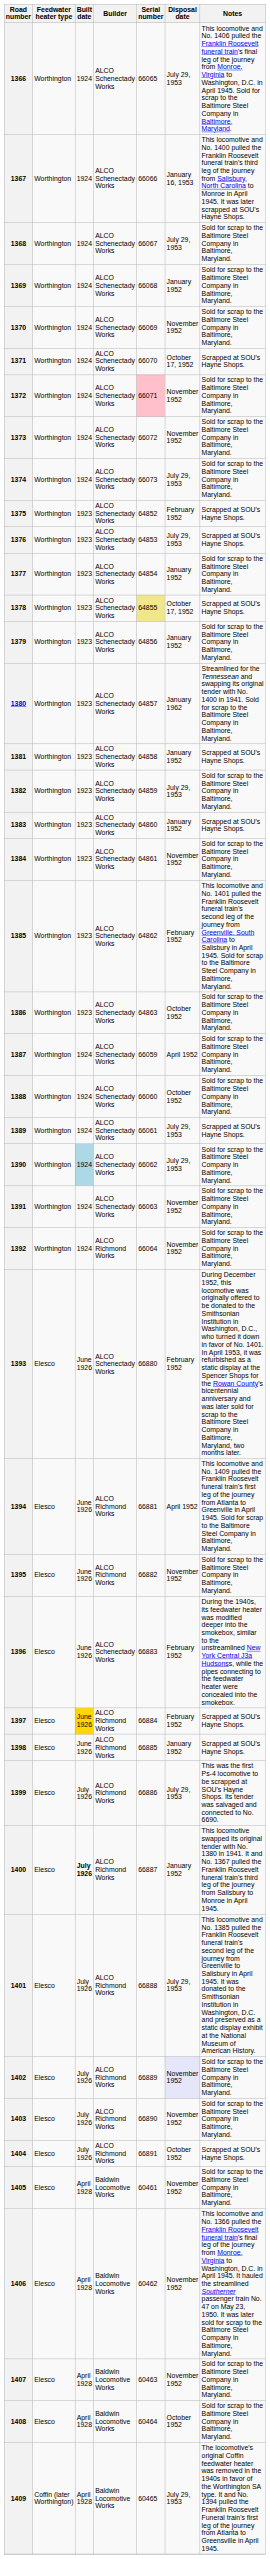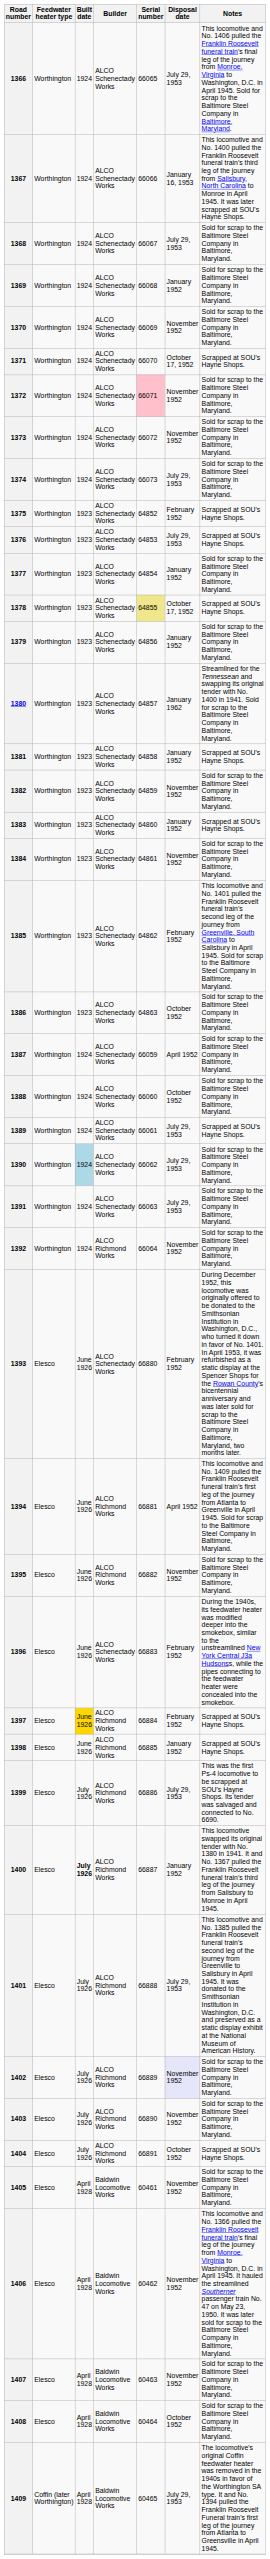 <table class="wikitable sortable">
 <tr>
 <th scope="col">Road number</th>
 <th scope="col">Feedwater heater type</th>
 <th scope="col">Built date</th>
 <th scope="col">Builder</th>
 <th scope="col">Serial number</th>
 <th scope="col">Disposal date</th>
 <th scope="col" style="width:25%;">Notes</th>
 </tr>
 <tr>
 <th scope="row">1366</th>
 <td>Worthington</td>
 <td>1924</td>
 <td>ALCO Schenectady Works</td>
 <td>66065</td>
 <td>July 29, 1953</td>
 <td>This locomotive and No. 1406 pulled the <a href='#'>Franklin Roosevelt</a> <a href='#'>funeral train</a>'s final leg of the journey from <a href='#'>Monroe, Virginia</a> to Washington, D.C. in April 1945. Sold for scrap to the Baltimore Steel Company in <a href='#'>Baltimore, Maryland</a>.</td>
 </tr>
 <tr>
 <th scope="row">1367</th>
 <td>Worthington</td>
 <td>1924</td>
 <td>ALCO Schenectady Works</td>
 <td>66066</td>
 <td>January 16, 1953</td>
 <td>This locomotive and No. 1400 pulled the Franklin Roosevelt funeral train's third leg of the journey from <a href='#'>Salisbury, North Carolina</a> to Monroe in April 1945. It was later scrapped at SOU's Hayne Shops.</td>
 </tr>
 <tr>
 <th scope="row">1368</th>
 <td>Worthington</td>
 <td>1924</td>
 <td>ALCO Schenectady Works</td>
 <td>66067</td>
 <td>July 29, 1953</td>
 <td>Sold for scrap to the Baltimore Steel Company in Baltimore, Maryland.</td>
 </tr>
 <tr>
 <th scope="row">1369</th>
 <td>Worthington</td>
 <td>1924</td>
 <td>ALCO Schenectady Works</td>
 <td>66068</td>
 <td>January 1952</td>
 <td>Sold for scrap to the Baltimore Steel Company in Baltimore, Maryland.</td>
 </tr>
 <tr>
 <th scope="row">1370</th>
 <td>Worthington</td>
 <td>1924</td>
 <td>ALCO Schenectady Works</td>
 <td>66069</td>
 <td>November 1952</td>
 <td>Sold for scrap to the Baltimore Steel Company in Baltimore, Maryland.</td>
 </tr>
 <tr>
 <th scope="row">1371</th>
 <td>Worthington</td>
 <td>1924</td>
 <td>ALCO Schenectady Works</td>
 <td>66070</td>
 <td>October 17, 1952</td>
 <td>Scrapped at SOU's Hayne Shops.</td>
 </tr>
 <tr>
 <th scope="row">1372</th>
 <td>Worthington</td>
 <td>1924</td>
 <td>ALCO Schenectady Works</td>
 <td style="background: pink;">66071</td>
 <td>November 1952</td>
 <td>Sold for scrap to the Baltimore Steel Company in Baltimore, Maryland.</td>
 </tr>
 <tr>
 <th scope="row">1373</th>
 <td>Worthington</td>
 <td>1924</td>
 <td>ALCO Schenectady Works</td>
 <td>66072</td>
 <td>November 1952</td>
 <td>Sold for scrap to the Baltimore Steel Company in Baltimore, Maryland.</td>
 </tr>
 <tr>
 <th scope="row">1374</th>
 <td>Worthington</td>
 <td>1924</td>
 <td>ALCO Schenectady Works</td>
 <td>66073</td>
 <td>July 29, 1953</td>
 <td>Sold for scrap to the Baltimore Steel Company in Baltimore, Maryland.</td>
 </tr>
 <tr>
 <th scope="row">1375</th>
 <td>Worthington</td>
 <td>1923</td>
 <td>ALCO Schenectady Works</td>
 <td>64852</td>
 <td>February 1952</td>
 <td>Scrapped at SOU's Hayne Shops.</td>
 </tr>
 <tr>
 <th scope="row">1376</th>
 <td>Worthington</td>
 <td>1923</td>
 <td>ALCO Schenectady Works</td>
 <td>64853</td>
 <td>July 29, 1953</td>
 <td>Scrapped at SOU's Hayne Shops.</td>
 </tr>
 <tr>
 <th scope="row">1377</th>
 <td>Worthington</td>
 <td>1923</td>
 <td>ALCO Schenectady Works</td>
 <td>64854</td>
 <td>January 1952</td>
 <td>Sold for scrap to the Baltimore Steel Company in Baltimore, Maryland.</td>
 </tr>
 <tr>
 <th scope="row">1378</th>
 <td>Worthington</td>
 <td>1923</td>
 <td>ALCO Schenectady Works</td>
 <td style="background: khaki;">64855</td>
 <td>October 17, 1952</td>
 <td>Scrapped at SOU's Hayne Shops.</td>
 </tr>
 <tr>
 <th scope="row">1379</th>
 <td>Worthington</td>
 <td>1923</td>
 <td>ALCO Schenectady Works</td>
 <td>64856</td>
 <td>January 1952</td>
 <td>Sold for scrap to the Baltimore Steel Company in Baltimore, Maryland.</td>
 </tr>
 <tr>
 <th scope="row"><a href='#'>1380</a></th>
 <td>Worthington</td>
 <td>1923</td>
 <td>ALCO Schenectady Works</td>
 <td>64857</td>
 <td>January 1962</td>
 <td>Streamlined for the <em>Tennessean</em> and swapping its original tender with No. 1400 in 1941. Sold for scrap to the Baltimore Steel Company in Baltimore, Maryland.</td>
 </tr>
 <tr>
 <th scope="row">1381</th>
 <td>Worthington</td>
 <td>1923</td>
 <td>ALCO Schenectady Works</td>
 <td>64858</td>
 <td>January 1952</td>
 <td>Scrapped at SOU's Hayne Shops.</td>
 </tr>
 <tr>
 <th scope="row">1382</th>
 <td>Worthington</td>
 <td>1923</td>
 <td>ALCO Schenectady Works</td>
 <td>64859</td>
-<td>July 29, 1953</td>
+<td>November 1952</td>
 <td>Sold for scrap to the Baltimore Steel Company in Baltimore, Maryland.</td>
 </tr>
 <tr>
 <th scope="row">1383</th>
 <td>Worthington</td>
 <td>1923</td>
 <td>ALCO Schenectady Works</td>
 <td>64860</td>
 <td>January 1952</td>
 <td>Scrapped at SOU's Hayne Shops.</td>
 </tr>
 <tr>
 <th scope="row">1384</th>
 <td>Worthington</td>
 <td>1923</td>
 <td>ALCO Schenectady Works</td>
 <td>64861</td>
 <td>November 1952</td>
 <td>Sold for scrap to the Baltimore Steel Company in Baltimore, Maryland.</td>
 </tr>
 <tr>
 <th scope="row">1385</th>
 <td>Worthington</td>
 <td>1923</td>
 <td>ALCO Schenectady Works</td>
 <td>64862</td>
 <td>February 1952</td>
 <td>This locomotive and No. 1401 pulled the Franklin Roosevelt funeral train's second leg of the journey from <a href='#'>Greenville, South Carolina</a> to Salisbury in April 1945. Sold for scrap to the Baltimore Steel Company in Baltimore, Maryland.</td>
 </tr>
 <tr>
 <th scope="row">1386</th>
 <td>Worthington</td>
 <td>1923</td>
 <td>ALCO Schenectady Works</td>
 <td>64863</td>
 <td>October 1952</td>
 <td>Sold for scrap to the Baltimore Steel Company in Baltimore, Maryland.</td>
 </tr>
 <tr>
 <th scope="row">1387</th>
 <td>Worthington</td>
 <td>1924</td>
 <td>ALCO Schenectady Works</td>
 <td>66059</td>
 <td>April 1952</td>
 <td>Sold for scrap to the Baltimore Steel Company in Baltimore, Maryland.</td>
 </tr>
 <tr>
 <th scope="row">1388</th>
 <td>Worthington</td>
 <td>1924</td>
 <td>ALCO Schenectady Works</td>
 <td>66060</td>
 <td>October 1952</td>
 <td>Sold for scrap to the Baltimore Steel Company in Baltimore, Maryland.</td>
 </tr>
 <tr>
 <th scope="row">1389</th>
 <td>Worthington</td>
 <td>1924</td>
 <td>ALCO Schenectady Works</td>
 <td>66061</td>
 <td>July 29, 1953</td>
 <td>Scrapped at SOU's Hayne Shops.</td>
 </tr>
 <tr>
 <th scope="row">1390</th>
 <td>Worthington</td>
 <td style="background: lightblue;">1924</td>
 <td>ALCO Schenectady Works</td>
 <td>66062</td>
 <td>July 29, 1953</td>
 <td>Sold for scrap to the Baltimore Steel Company in Baltimore, Maryland.</td>
 </tr>
 <tr>
 <th scope="row">1391</th>
 <td>Worthington</td>
 <td>1924</td>
 <td>ALCO Schenectady Works</td>
 <td>66063</td>
-<td>November 1952</td>
+<td>July 29, 1953</td>
 <td>Sold for scrap to the Baltimore Steel Company in Baltimore, Maryland.</td>
 </tr>
 <tr>
 <th scope="row">1392</th>
 <td>Worthington</td>
 <td>1924</td>
 <td>ALCO Richmond Works</td>
 <td>66064</td>
 <td>November 1952</td>
 <td>Sold for scrap to the Baltimore Steel Company in Baltimore, Maryland.</td>
 </tr>
 <tr>
 <th scope="row">1393</th>
 <td>Elesco</td>
 <td>June 1926</td>
 <td>ALCO Schenectady Works</td>
 <td>66880</td>
 <td>February 1952</td>
 <td>During December 1952, this locomotive was originally offered to be donated to the Smithsonian Institution in Washington, D.C., who turned it down in favor of No. 1401. In April 1953, it was refurbished as a static display at the Spencer Shops for the <a href='#'>Rowan County</a>'s bicentennial anniversary and was later sold for scrap to the Baltimore Steel Company in Baltimore, Maryland, two months later.</td>
 </tr>
 <tr>
 <th scope="row">1394</th>
 <td>Elesco</td>
 <td>June 1926</td>
 <td>ALCO Richmond Works</td>
 <td>66881</td>
 <td>April 1952</td>
 <td>This locomotive and No. 1409 pulled the Franklin Roosevelt funeral train's first leg of the journey from Atlanta to Greenville in April 1945. Sold for scrap to the Baltimore Steel Company in Baltimore, Maryland.</td>
 </tr>
 <tr>
 <th scope="row">1395</th>
 <td>Elesco</td>
 <td>June 1926</td>
 <td>ALCO Richmond Works</td>
 <td>66882</td>
 <td>November 1952</td>
 <td>Sold for scrap to the Baltimore Steel Company in Baltimore, Maryland.</td>
 </tr>
 <tr>
 <th scope="row">1396</th>
 <td>Elesco</td>
 <td>June 1926</td>
 <td>ALCO Schenectady Works</td>
 <td>66883</td>
 <td>February 1952</td>
 <td>During the 1940s, its feedwater heater was modified deeper into the smokebox, similar to the unstreamlined <a href='#'>New York Central J3a Hudsons</a>s, while the pipes connecting to the feedwater heater were concealed into the smokebox.</td>
 </tr>
 <tr>
 <th scope="row">1397</th>
 <td>Elesco</td>
 <td style="background: gold;">June 1926</td>
 <td>ALCO Richmond Works</td>
 <td>66884</td>
 <td>February 1952</td>
 <td>Scrapped at SOU's Hayne Shops.</td>
 </tr>
 <tr>
 <th scope="row">1398</th>
 <td>Elesco</td>
 <td>June 1926</td>
 <td>ALCO Richmond Works</td>
 <td>66885</td>
 <td>January 1952</td>
 <td>Scrapped at SOU's Hayne Shops.</td>
 </tr>
 <tr>
 <th scope="row">1399</th>
 <td>Elesco</td>
 <td>July 1926</td>
 <td>ALCO Richmond Works</td>
 <td>66886</td>
 <td>July 29, 1953</td>
 <td>This was the first Ps-4 locomotive to be scrapped at SOU's Hayne Shops. Its tender was salvaged and connected to No. 6690.</td>
 </tr>
 <tr>
 <th scope="row">1400</th>
 <td>Elesco</td>
 <td><strong>July 1926</strong></td>
 <td>ALCO Richmond Works</td>
 <td>66887</td>
 <td>January 1952</td>
 <td>This locomotive swapped its original tender with No. 1380 in 1941. It and No. 1367 pulled the Franklin Roosevelt funeral train's third leg of the journey from Salisbury to Monroe in April 1945.</td>
 </tr>
 <tr>
 <th scope="row">1401</th>
 <td>Elesco</td>
 <td>July 1926</td>
 <td>ALCO Richmond Works</td>
 <td>66888</td>
 <td>July 29, 1953</td>
 <td>This locomotive and No. 1385 pulled the Franklin Roosevelt funeral train's second leg of the journey from Greenville to Salisbury in April 1945. It was donated to the Smithsonian Institution in Washington, D.C. and preserved as a static display exhibit at the National Museum of American History.</td>
 </tr>
 <tr>
 <th scope="row">1402</th>
 <td>Elesco</td>
 <td>July 1926</td>
 <td>ALCO Richmond Works</td>
 <td>66889</td>
 <td style="background: lavender;">November 1952</td>
 <td>Sold for scrap to the Baltimore Steel Company in Baltimore, Maryland.</td>
 </tr>
 <tr>
 <th scope="row">1403</th>
 <td>Elesco</td>
 <td>July 1926</td>
 <td>ALCO Richmond Works</td>
 <td>66890</td>
 <td>November 1952</td>
 <td>Sold for scrap to the Baltimore Steel Company in Baltimore, Maryland.</td>
 </tr>
 <tr>
 <th scope="row">1404</th>
 <td>Elesco</td>
 <td>July 1926</td>
 <td>ALCO Richmond Works</td>
 <td>66891</td>
 <td>October 1952</td>
 <td>Scrapped at SOU's Hayne Shops.</td>
 </tr>
 <tr>
 <th scope="row">1405</th>
 <td>Elesco</td>
 <td>April 1928</td>
 <td>Baldwin Locomotive Works</td>
 <td>60461</td>
 <td>November 1952</td>
 <td>Sold for scrap to the Baltimore Steel Company in Baltimore, Maryland.</td>
 </tr>
 <tr>
 <th scope="row">1406</th>
 <td>Elesco</td>
 <td>April 1928</td>
 <td>Baldwin Locomotive Works</td>
 <td>60462</td>
 <td>November 1952</td>
 <td>This locomotive and No. 1366 pulled the <a href='#'>Franklin Roosevelt</a> <a href='#'>funeral train</a>'s final leg of the journey from <a href='#'>Monroe, Virginia</a> to Washington, D.C. in April 1945. It hauled the streamlined <em><a href='#'>Southerner</a></em> passenger train No. 47 on May 23, 1950. It was later sold for scrap to the Baltimore Steel Company in Baltimore, Maryland.</td>
 </tr>
 <tr>
 <th scope="row">1407</th>
 <td>Elesco</td>
 <td>April 1928</td>
 <td>Baldwin Locomotive Works</td>
 <td>60463</td>
 <td>November 1952</td>
 <td>Sold for scrap to the Baltimore Steel Company in Baltimore, Maryland.</td>
 </tr>
 <tr>
 <th scope="row">1408</th>
 <td>Elesco</td>
 <td>April 1928</td>
 <td>Baldwin Locomotive Works</td>
 <td>60464</td>
 <td>October 1952</td>
 <td>Sold for scrap to the Baltimore Steel Company in Baltimore, Maryland.</td>
 </tr>
 <tr>
 <th scope="row">1409</th>
 <td>Coffin (later Worthington)</td>
 <td>April 1928</td>
 <td>Baldwin Locomotive Works</td>
 <td>60465</td>
 <td>July 29, 1953</td>
 <td>The locomotive's original Coffin feedwater heater was removed in the 1940s in favor of the Worthington SA type. It and No. 1394 pulled the Franklin Roosevelt Funeral train's first leg of the journey from Atlanta to Greensville in April 1945.</td>
 </tr>
 <tr>
 </tr>
 </table>
